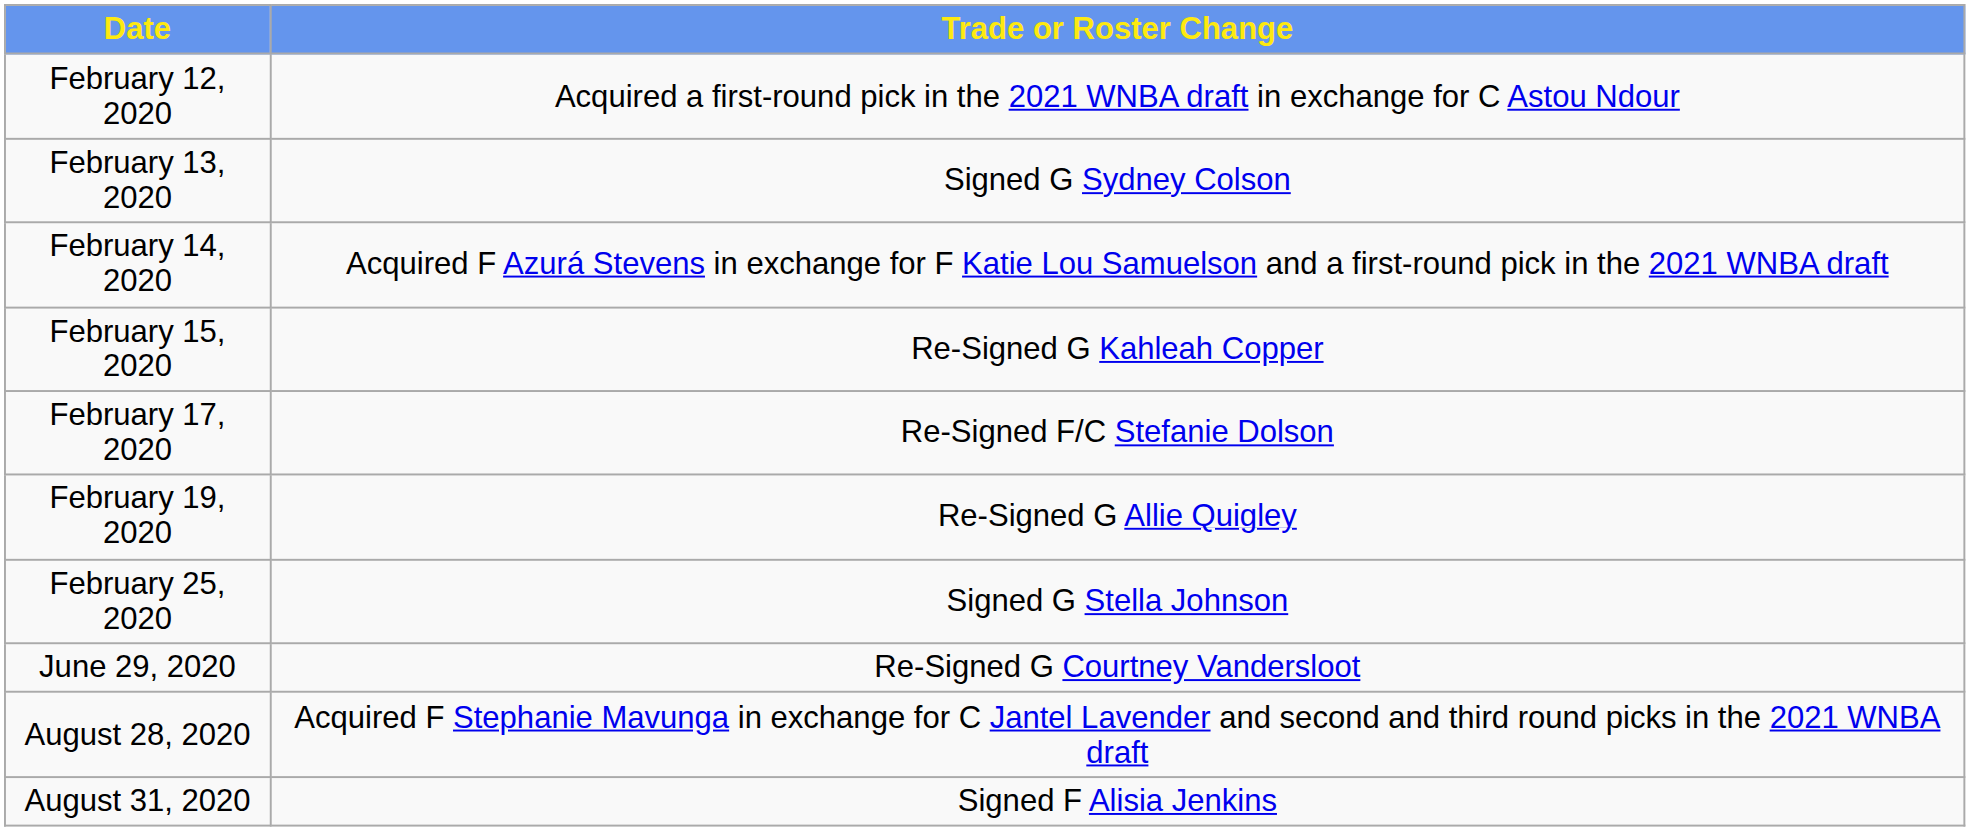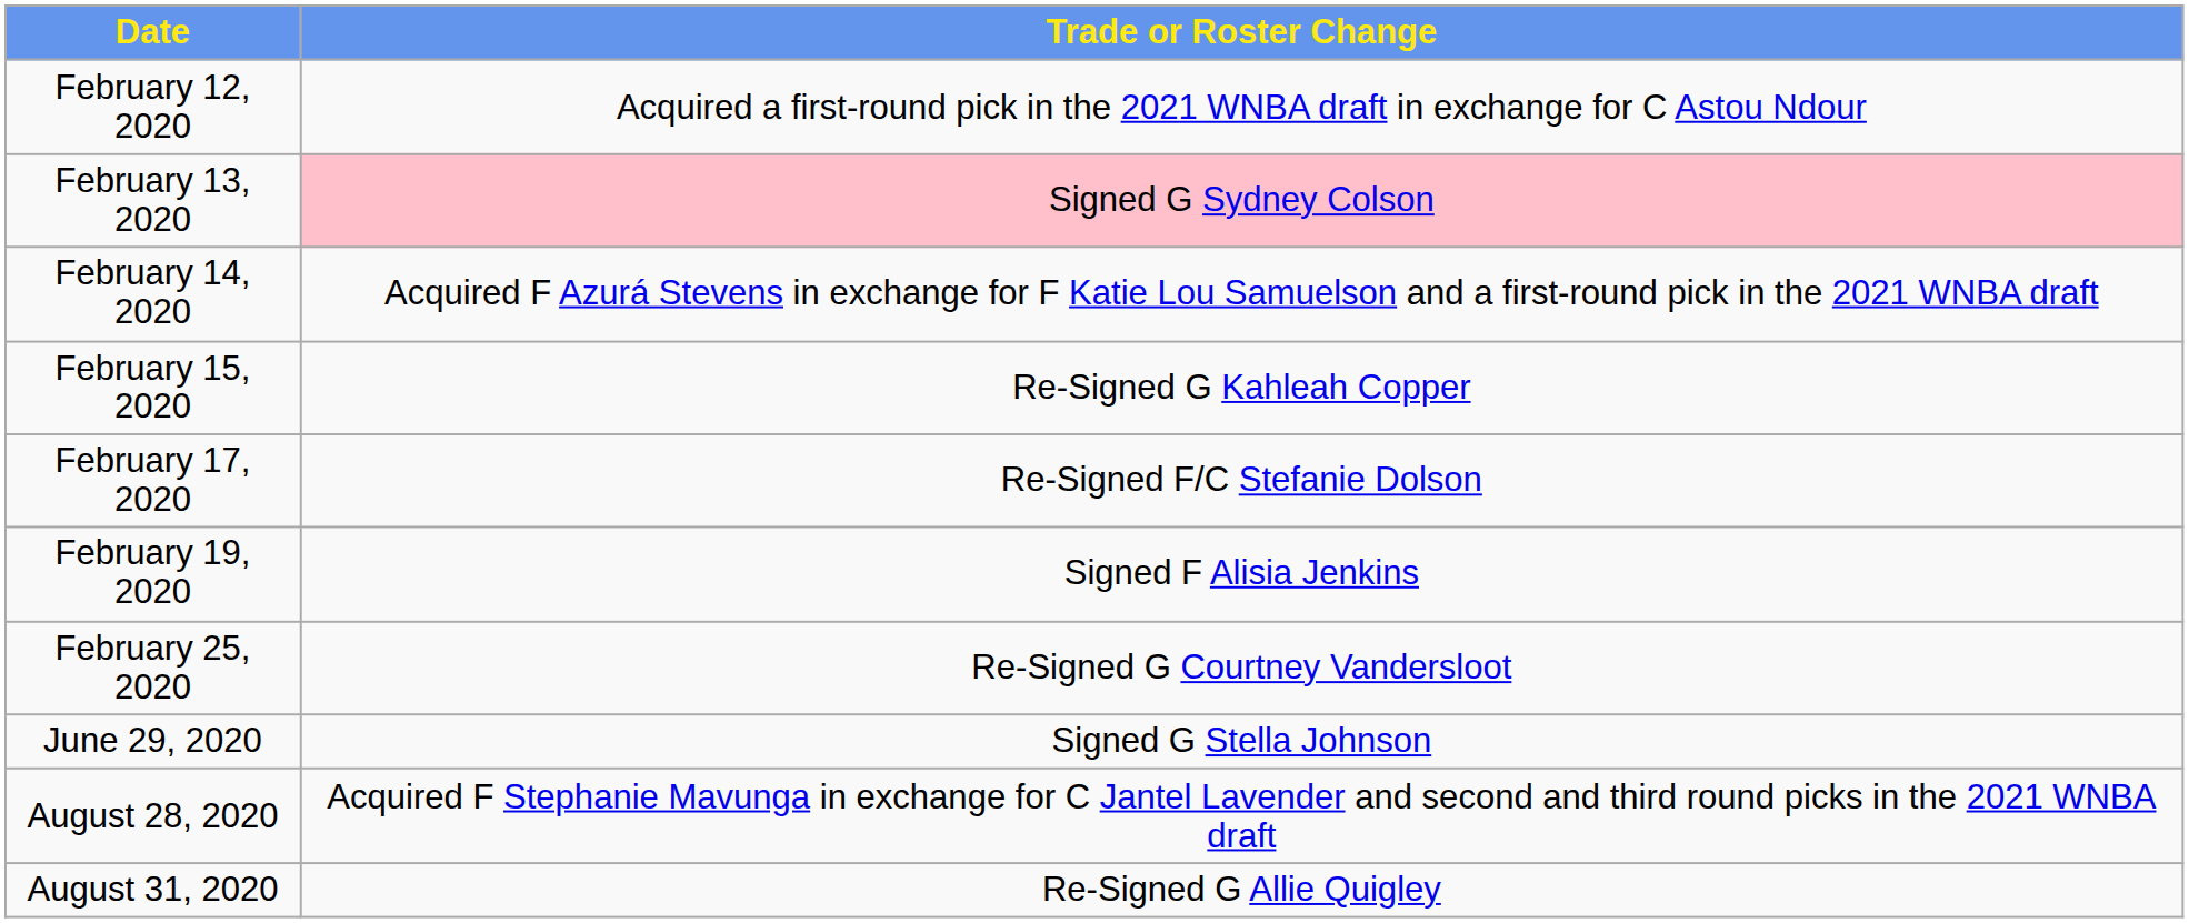 <table class="wikitable" style="width:80%; text-align: center;">
 <tr>
 <th style="background:#6495ED; color:#FDE910; width=125">Date</th>
 <th style="background:#6495ED; color:#FDE910;" colspan="2">Trade or Roster Change</th>
 </tr>
 <tr>
 <td>February 12, 2020</td>
 <td>Acquired a first-round pick in the <a href='#'>2021 WNBA draft</a> in exchange for C <a href='#'>Astou Ndour</a></td>
 </tr>
 <tr>
 <td>February 13, 2020</td>
-<td>Signed G <a href='#'>Sydney Colson</a></td>
+<td style="background: pink;">Signed G <a href='#'>Sydney Colson</a></td>
 </tr>
 <tr>
 <td>February 14, 2020</td>
 <td>Acquired F <a href='#'>Azurá Stevens</a> in exchange for F <a href='#'>Katie Lou Samuelson</a> and a first-round pick in the <a href='#'>2021 WNBA draft</a></td>
 </tr>
 <tr>
 <td>February 15, 2020</td>
 <td>Re-Signed G <a href='#'>Kahleah Copper</a></td>
 </tr>
 <tr>
 <td>February 17, 2020</td>
 <td>Re-Signed F/C <a href='#'>Stefanie Dolson</a></td>
 </tr>
 <tr>
 <td>February 19, 2020</td>
-<td>Re-Signed G <a href='#'>Allie Quigley</a></td>
+<td>Signed F <a href='#'>Alisia Jenkins</a></td>
 </tr>
 <tr>
 <td>February 25, 2020</td>
-<td>Signed G <a href='#'>Stella Johnson</a></td>
+<td>Re-Signed G <a href='#'>Courtney Vandersloot</a></td>
 </tr>
 <tr>
 <td>June 29, 2020</td>
-<td>Re-Signed G <a href='#'>Courtney Vandersloot</a></td>
+<td>Signed G <a href='#'>Stella Johnson</a></td>
 </tr>
 <tr>
 <td>August 28, 2020</td>
 <td>Acquired F <a href='#'>Stephanie Mavunga</a> in exchange for C <a href='#'>Jantel Lavender</a> and second and third round picks in the <a href='#'>2021 WNBA draft</a></td>
 </tr>
 <tr>
 <td>August 31, 2020</td>
-<td>Signed F <a href='#'>Alisia Jenkins</a></td>
+<td>Re-Signed G <a href='#'>Allie Quigley</a></td>
 </tr>
 </table>
